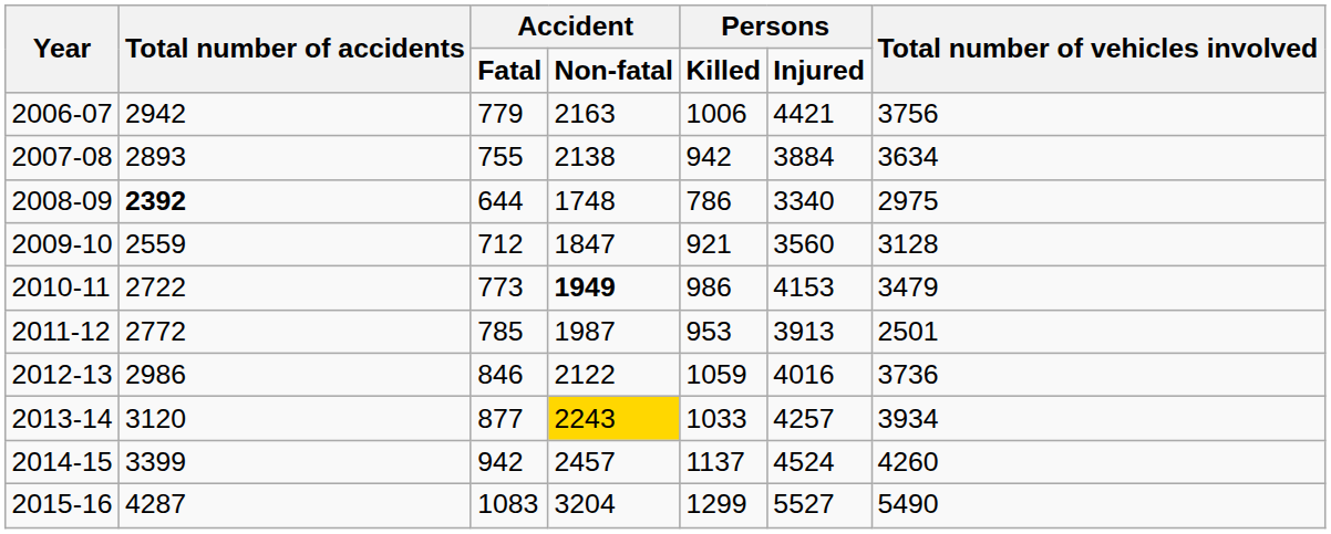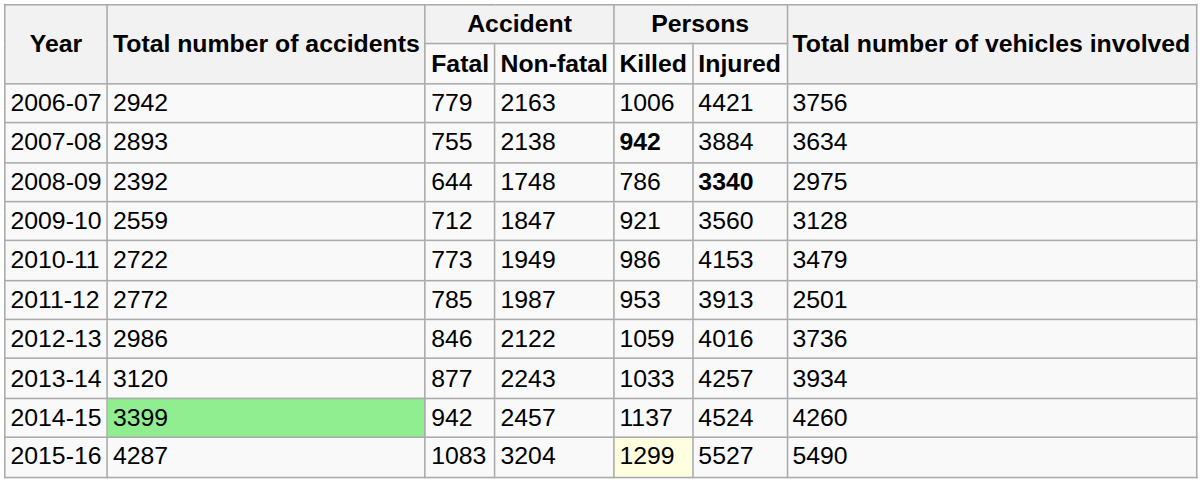 <table class="wikitable">
 <tr>
 <th rowspan="2">Year</th>
 <th rowspan="2">Total number of accidents</th>
 <th colspan="2">Accident</th>
 <th colspan="2">Persons</th>
 <th rowspan="2">Total number of vehicles involved</th>
 </tr>
 <tr>
 <td><strong>Fatal</strong></td>
 <td><strong>Non-fatal</strong></td>
 <td><strong>Killed</strong></td>
 <td><strong>Injured</strong></td>
 </tr>
 <tr>
 <td>2006-07</td>
 <td>2942</td>
 <td>779</td>
 <td>2163</td>
 <td>1006</td>
 <td>4421</td>
 <td>3756</td>
 </tr>
 <tr>
 <td>2007-08</td>
 <td>2893</td>
 <td>755</td>
 <td>2138</td>
-<td>942</td>
+<td><strong>942</strong></td>
 <td>3884</td>
 <td>3634</td>
 </tr>
 <tr>
 <td>2008-09</td>
-<td><strong>2392</strong></td>
+<td>2392</td>
 <td>644</td>
 <td>1748</td>
 <td>786</td>
-<td>3340</td>
+<td><strong>3340</strong></td>
 <td>2975</td>
 </tr>
 <tr>
 <td>2009-10</td>
 <td>2559</td>
 <td>712</td>
 <td>1847</td>
 <td>921</td>
 <td>3560</td>
 <td>3128</td>
 </tr>
 <tr>
 <td>2010-11</td>
 <td>2722</td>
 <td>773</td>
-<td><strong>1949</strong></td>
+<td>1949</td>
 <td>986</td>
 <td>4153</td>
 <td>3479</td>
 </tr>
 <tr>
 <td>2011-12</td>
 <td>2772</td>
 <td>785</td>
 <td>1987</td>
 <td>953</td>
 <td>3913</td>
 <td>2501</td>
 </tr>
 <tr>
 <td>2012-13</td>
 <td>2986</td>
 <td>846</td>
 <td>2122</td>
 <td>1059</td>
 <td>4016</td>
 <td>3736</td>
 </tr>
 <tr>
 <td>2013-14</td>
 <td>3120</td>
 <td>877</td>
-<td style="background: gold;">2243</td>
+<td>2243</td>
 <td>1033</td>
 <td>4257</td>
 <td>3934</td>
 </tr>
 <tr>
 <td>2014-15</td>
-<td>3399</td>
+<td style="background: lightgreen;">3399</td>
 <td>942</td>
 <td>2457</td>
 <td>1137</td>
 <td>4524</td>
 <td>4260</td>
 </tr>
 <tr>
 <td>2015-16</td>
 <td>4287</td>
 <td>1083</td>
 <td>3204</td>
-<td>1299</td>
+<td style="background: lightyellow;">1299</td>
 <td>5527</td>
 <td>5490</td>
 </tr>
 </table>
